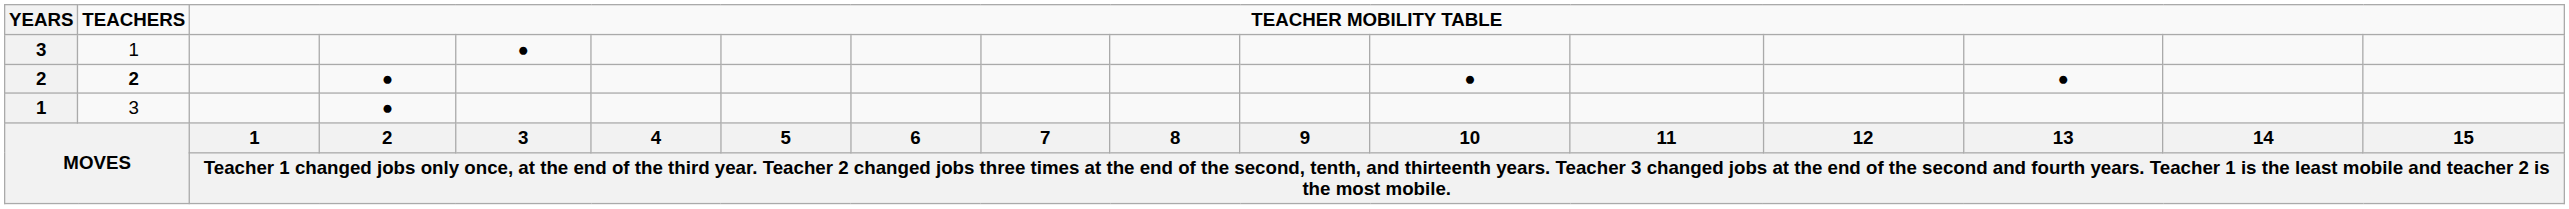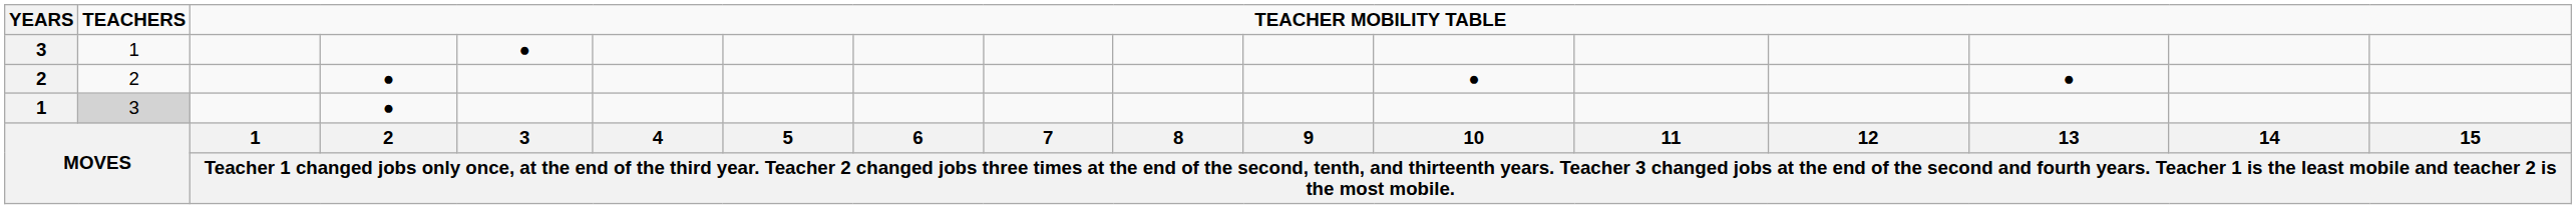 <table class="wikitable" style="text-align: center; font-size:90%;">
 <tr>
 <th>YEARS</th>
 <td><strong>TEACHERS</strong></td>
 <td colspan="15"><strong>TEACHER MOBILITY TABLE</strong></td>
 </tr>
 <tr>
 <th>3</th>
 <td>1</td>
 <td></td>
 <td></td>
 <td>●</td>
 <td></td>
 <td></td>
 <td></td>
 <td></td>
 <td></td>
 <td></td>
 <td></td>
 <td></td>
 <td></td>
 <td></td>
 <td></td>
 <td></td>
 </tr>
 <tr>
 <th>2</th>
-<td><strong>2</strong></td>
+<td>2</td>
 <td></td>
 <td>●</td>
 <td></td>
 <td></td>
 <td></td>
 <td></td>
 <td></td>
 <td></td>
 <td></td>
 <td>●</td>
 <td></td>
 <td></td>
 <td>●</td>
 <td></td>
 <td></td>
 </tr>
 <tr>
 <th>1</th>
-<td>3</td>
+<td style="background: lightgrey;">3</td>
 <td></td>
 <td>●</td>
 <td></td>
 <td></td>
 <td></td>
 <td></td>
 <td></td>
 <td></td>
 <td></td>
 <td></td>
 <td></td>
 <td></td>
 <td></td>
 <td></td>
 <td></td>
 </tr>
 <tr>
 <th colspan="2" rowspan="2">MOVES</th>
 <th>1</th>
 <th>2</th>
 <th>3</th>
 <th>4</th>
 <th>5</th>
 <th>6</th>
 <th>7</th>
 <th>8</th>
 <th>9</th>
 <th>10</th>
 <th>11</th>
 <th>12</th>
 <th>13</th>
 <th>14</th>
 <th>15</th>
 </tr>
 <tr>
 <th colspan="15">Teacher 1 changed jobs only once, at the end of the third year. Teacher 2 changed jobs three times at the end of the second, tenth, and thirteenth years. Teacher 3 changed jobs at the end of the second and fourth years. Teacher 1 is the least mobile and teacher 2 is the most mobile.</th>
 </tr>
 </table>
